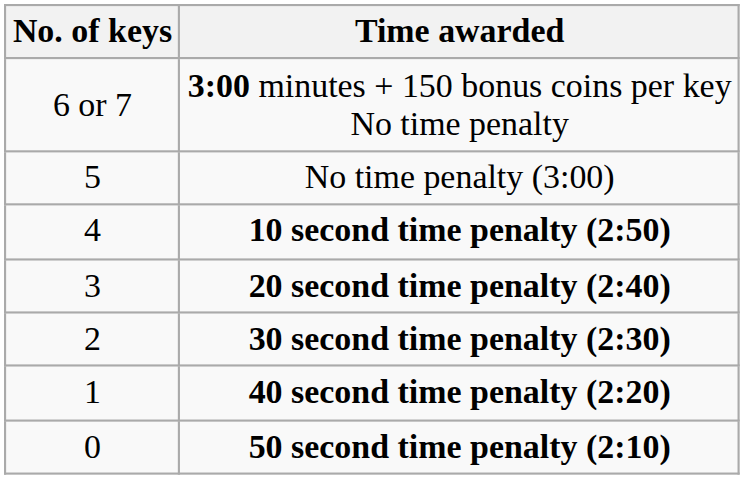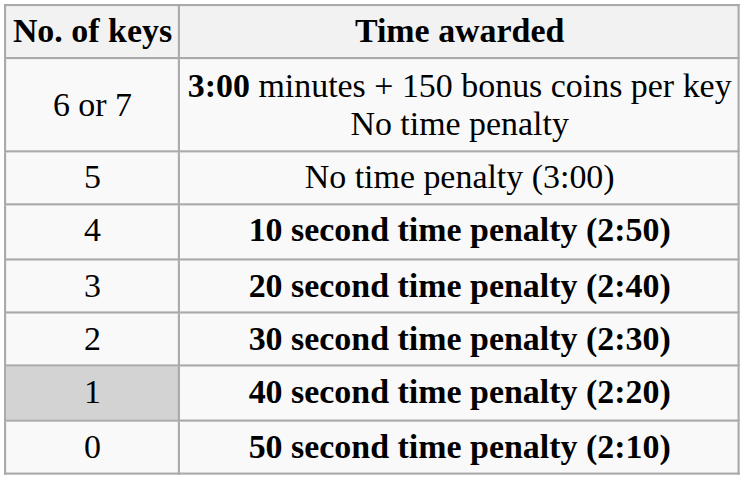 <table class="wikitable" style="text-align:center;">
 <tr>
 <th>No. of keys</th>
 <th>Time awarded</th>
 </tr>
 <tr>
 <td>6 or 7<br></td>
 <td><strong>3:00</strong> minutes + 150 bonus coins per key<br>No time penalty</td>
 </tr>
 <tr>
 <td>5</td>
 <td>No time penalty (3:00)</td>
 </tr>
 <tr>
 <td>4</td>
 <td><strong>10 second time penalty (2:50)</strong></td>
 </tr>
 <tr>
 <td>3</td>
 <td><strong>20 second time penalty (2:40)</strong></td>
 </tr>
 <tr>
 <td>2</td>
 <td><strong>30 second time penalty (2:30)</strong></td>
 </tr>
 <tr>
-<td>1</td>
+<td style="background: lightgrey;">1</td>
 <td><strong>40 second time penalty (2:20)</strong></td>
 </tr>
 <tr>
 <td>0</td>
 <td><strong>50 second time penalty (2:10)</strong></td>
 </tr>
 </table>
